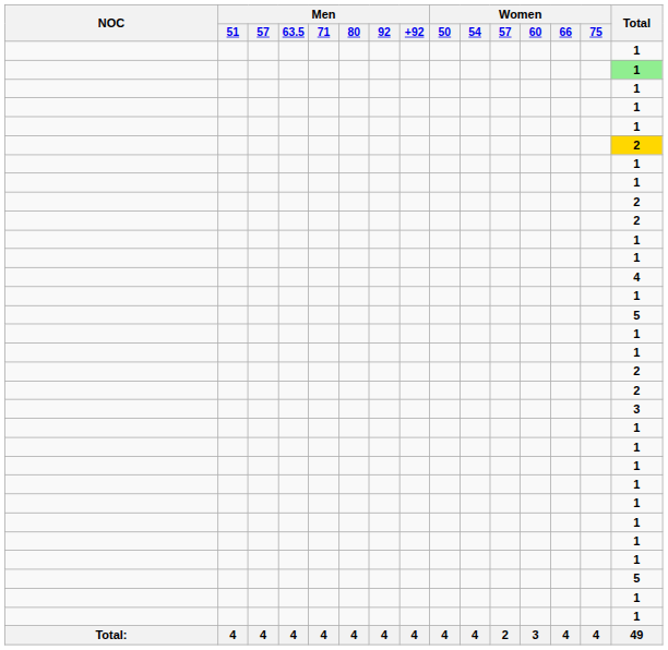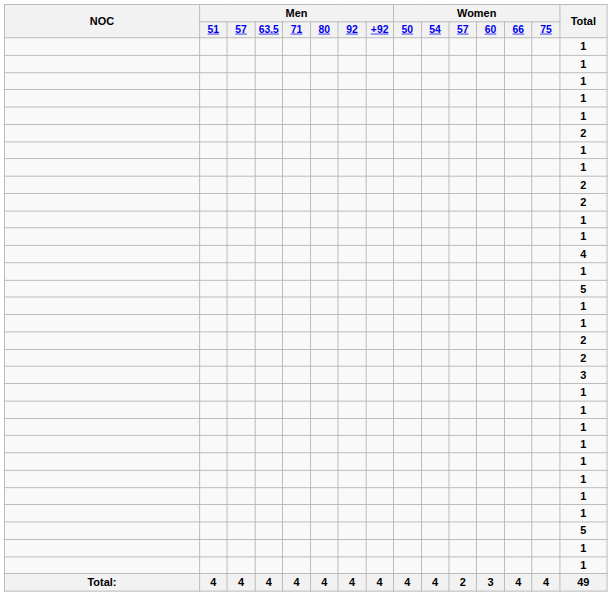 <table class="wikitable" style="text-align:center; font-size:90%">
 <tr>
 <th rowspan=2 width=250>NOC</th>
 <th colspan=7>Men</th>
 <th colspan=6>Women</th>
 <th rowspan=2 width=55>Total</th>
 </tr>
 <tr style="font-size: 95%">
 <th width=30><a href='#'>51</a></th>
 <th width=30><a href='#'>57</a></th>
 <th width=30><a href='#'>63.5</a></th>
 <th width=30><a href='#'>71</a></th>
 <th width=30><a href='#'>80</a></th>
 <th width=30><a href='#'>92</a></th>
 <th width=30><a href='#'>+92</a></th>
 <th width=30><a href='#'>50</a></th>
 <th width=30><a href='#'>54</a></th>
 <th width=30><a href='#'>57</a></th>
 <th width=30><a href='#'>60</a></th>
 <th width=30><a href='#'>66</a></th>
 <th width=30><a href='#'>75</a></th>
-</tr>
-<tr>
-<td align=left></td>
-<td></td>
-<td></td>
-<td></td>
-<td></td>
-<td></td>
-<td></td>
-<td></td>
-<td></td>
-<td></td>
-<td></td>
-<td></td>
-<td></td>
-<td></td>
-<td><strong>1</strong></td>
-</tr>
-<tr>
-<td align=left></td>
-<td></td>
-<td></td>
-<td></td>
-<td></td>
-<td></td>
-<td></td>
-<td></td>
-<td></td>
-<td></td>
-<td></td>
-<td></td>
-<td></td>
-<td></td>
-<td style="background: lightgreen;"><strong>1</strong></td>
 </tr>
 <tr>
 <td align=left></td>
 <td></td>
 <td></td>
 <td></td>
 <td></td>
 <td></td>
 <td></td>
 <td></td>
 <td></td>
 <td></td>
 <td></td>
 <td></td>
 <td></td>
 <td></td>
 <td><strong>1</strong></td>
 </tr>
 <tr>
 <td align=left></td>
 <td></td>
 <td></td>
 <td></td>
 <td></td>
 <td></td>
 <td></td>
 <td></td>
 <td></td>
 <td></td>
 <td></td>
 <td></td>
 <td></td>
 <td></td>
 <td><strong>1</strong></td>
 </tr>
 <tr>
 <td align=left></td>
 <td></td>
 <td></td>
 <td></td>
 <td></td>
 <td></td>
 <td></td>
 <td></td>
 <td></td>
 <td></td>
 <td></td>
 <td></td>
 <td></td>
 <td></td>
 <td><strong>1</strong></td>
 </tr>
 <tr>
 <td align=left></td>
 <td></td>
 <td></td>
 <td></td>
 <td></td>
 <td></td>
 <td></td>
 <td></td>
 <td></td>
 <td></td>
 <td></td>
 <td></td>
 <td></td>
 <td></td>
-<td style="background: gold;"><strong>2</strong></td>
+<td><strong>1</strong></td>
+</tr>
+<tr>
+<td align=left></td>
+<td></td>
+<td></td>
+<td></td>
+<td></td>
+<td></td>
+<td></td>
+<td></td>
+<td></td>
+<td></td>
+<td></td>
+<td></td>
+<td></td>
+<td></td>
+<td><strong>1</strong></td>
+</tr>
+<tr>
+<td align=left></td>
+<td></td>
+<td></td>
+<td></td>
+<td></td>
+<td></td>
+<td></td>
+<td></td>
+<td></td>
+<td></td>
+<td></td>
+<td></td>
+<td></td>
+<td></td>
+<td><strong>2</strong></td>
 </tr>
 <tr>
 <td align=left></td>
 <td></td>
 <td></td>
 <td></td>
 <td></td>
 <td></td>
 <td></td>
 <td></td>
 <td></td>
 <td></td>
 <td></td>
 <td></td>
 <td></td>
 <td></td>
 <td><strong>1</strong></td>
 </tr>
 <tr>
 <td align=left></td>
 <td></td>
 <td></td>
 <td></td>
 <td></td>
 <td></td>
 <td></td>
 <td></td>
 <td></td>
 <td></td>
 <td></td>
 <td></td>
 <td></td>
 <td></td>
 <td><strong>1</strong></td>
 </tr>
 <tr>
 <td align=left></td>
 <td></td>
 <td></td>
 <td></td>
 <td></td>
 <td></td>
 <td></td>
 <td></td>
 <td></td>
 <td></td>
 <td></td>
 <td></td>
 <td></td>
 <td></td>
 <td><strong>2</strong></td>
 </tr>
 <tr>
 <td align=left></td>
 <td></td>
 <td></td>
 <td></td>
 <td></td>
 <td></td>
 <td></td>
 <td></td>
 <td></td>
 <td></td>
 <td></td>
 <td></td>
 <td></td>
 <td></td>
 <td><strong>2</strong></td>
 </tr>
 <tr>
 <td align=left></td>
 <td></td>
 <td></td>
 <td></td>
 <td></td>
 <td></td>
 <td></td>
 <td></td>
 <td></td>
 <td></td>
 <td></td>
 <td></td>
 <td></td>
 <td></td>
 <td><strong>1</strong></td>
 </tr>
 <tr>
 <td align=left></td>
 <td></td>
 <td></td>
 <td></td>
 <td></td>
 <td></td>
 <td></td>
 <td></td>
 <td></td>
 <td></td>
 <td></td>
 <td></td>
 <td></td>
 <td></td>
 <td><strong>1</strong></td>
 </tr>
 <tr>
 <td align=left></td>
 <td></td>
 <td></td>
 <td></td>
 <td></td>
 <td></td>
 <td></td>
 <td></td>
 <td></td>
 <td></td>
 <td></td>
 <td></td>
 <td></td>
 <td></td>
 <td><strong>4</strong></td>
 </tr>
 <tr>
 <td align=left></td>
 <td></td>
 <td></td>
 <td></td>
 <td></td>
 <td></td>
 <td></td>
 <td></td>
 <td></td>
 <td></td>
 <td></td>
 <td></td>
 <td></td>
 <td></td>
 <td><strong>1</strong></td>
 </tr>
 <tr>
 <td align=left></td>
 <td></td>
 <td></td>
 <td></td>
 <td></td>
 <td></td>
 <td></td>
 <td></td>
 <td></td>
 <td></td>
 <td></td>
 <td></td>
 <td></td>
 <td></td>
 <td><strong>5</strong></td>
 </tr>
 <tr>
 <td align=left></td>
 <td></td>
 <td></td>
 <td></td>
 <td></td>
 <td></td>
 <td></td>
 <td></td>
 <td></td>
 <td></td>
 <td></td>
 <td></td>
 <td></td>
 <td></td>
 <td><strong>1</strong></td>
 </tr>
 <tr>
 <td align=left></td>
 <td></td>
 <td></td>
 <td></td>
 <td></td>
 <td></td>
 <td></td>
 <td></td>
 <td></td>
 <td></td>
 <td></td>
 <td></td>
 <td></td>
 <td></td>
 <td><strong>1</strong></td>
 </tr>
 <tr>
 <td align=left></td>
 <td></td>
 <td></td>
 <td></td>
 <td></td>
 <td></td>
 <td></td>
 <td></td>
 <td></td>
 <td></td>
 <td></td>
 <td></td>
 <td></td>
 <td></td>
 <td><strong>2</strong></td>
 </tr>
 <tr>
 <td align=left></td>
 <td></td>
 <td></td>
 <td></td>
 <td></td>
 <td></td>
 <td></td>
 <td></td>
 <td></td>
 <td></td>
 <td></td>
 <td></td>
 <td></td>
 <td></td>
 <td><strong>2</strong></td>
 </tr>
 <tr>
 <td align=left></td>
 <td></td>
 <td></td>
 <td></td>
 <td></td>
 <td></td>
 <td></td>
 <td></td>
 <td></td>
 <td></td>
 <td></td>
 <td></td>
 <td></td>
 <td></td>
 <td><strong>3</strong></td>
 </tr>
 <tr>
 <td align=left></td>
 <td></td>
 <td></td>
 <td></td>
 <td></td>
 <td></td>
 <td></td>
 <td></td>
 <td></td>
 <td></td>
 <td></td>
 <td></td>
 <td></td>
 <td></td>
 <td><strong>1</strong></td>
 </tr>
 <tr>
 <td align=left></td>
 <td></td>
 <td></td>
 <td></td>
 <td></td>
 <td></td>
 <td></td>
 <td></td>
 <td></td>
 <td></td>
 <td></td>
 <td></td>
 <td></td>
 <td></td>
 <td><strong>1</strong></td>
 </tr>
 <tr>
 <td align=left></td>
 <td></td>
 <td></td>
 <td></td>
 <td></td>
 <td></td>
 <td></td>
 <td></td>
 <td></td>
 <td></td>
 <td></td>
 <td></td>
 <td></td>
 <td></td>
 <td><strong>1</strong></td>
 </tr>
 <tr>
 <td align=left></td>
 <td></td>
 <td></td>
 <td></td>
 <td></td>
 <td></td>
 <td></td>
 <td></td>
 <td></td>
 <td></td>
 <td></td>
 <td></td>
 <td></td>
 <td></td>
 <td><strong>1</strong></td>
 </tr>
 <tr>
 <td align=left></td>
 <td></td>
 <td></td>
 <td></td>
 <td></td>
 <td></td>
 <td></td>
 <td></td>
 <td></td>
 <td></td>
 <td></td>
 <td></td>
 <td></td>
 <td></td>
 <td><strong>1</strong></td>
 </tr>
 <tr>
 <td align=left></td>
 <td></td>
 <td></td>
 <td></td>
 <td></td>
 <td></td>
 <td></td>
 <td></td>
 <td></td>
 <td></td>
 <td></td>
 <td></td>
 <td></td>
 <td></td>
 <td><strong>1</strong></td>
 </tr>
 <tr>
 <td align=left></td>
 <td></td>
 <td></td>
 <td></td>
 <td></td>
 <td></td>
 <td></td>
 <td></td>
 <td></td>
 <td></td>
 <td></td>
 <td></td>
 <td></td>
 <td></td>
 <td><strong>1</strong></td>
 </tr>
 <tr>
 <td align=left></td>
 <td></td>
 <td></td>
 <td></td>
 <td></td>
 <td></td>
 <td></td>
 <td></td>
 <td></td>
 <td></td>
 <td></td>
 <td></td>
 <td></td>
 <td></td>
 <td><strong>1</strong></td>
 </tr>
 <tr>
 <td align=left></td>
 <td></td>
 <td></td>
 <td></td>
 <td></td>
 <td></td>
 <td></td>
 <td></td>
 <td></td>
 <td></td>
 <td></td>
 <td></td>
 <td></td>
 <td></td>
 <td><strong>5</strong></td>
 </tr>
 <tr>
 <td align=left></td>
 <td></td>
 <td></td>
 <td></td>
 <td></td>
 <td></td>
 <td></td>
 <td></td>
 <td></td>
 <td></td>
 <td></td>
 <td></td>
 <td></td>
 <td></td>
 <td><strong>1</strong></td>
 </tr>
 <tr>
 <td align=left></td>
 <td></td>
 <td></td>
 <td></td>
 <td></td>
 <td></td>
 <td></td>
 <td></td>
 <td></td>
 <td></td>
 <td></td>
 <td></td>
 <td></td>
 <td></td>
 <td><strong>1</strong></td>
 </tr>
 <tr>
 <th>Total:</th>
 <th>4</th>
 <th>4</th>
 <th>4</th>
 <th>4</th>
 <th>4</th>
 <th>4</th>
 <th>4</th>
 <th>4</th>
 <th>4</th>
 <th>2</th>
 <th>3</th>
 <th>4</th>
 <th>4</th>
 <th>49</th>
 </tr>
 </table>
